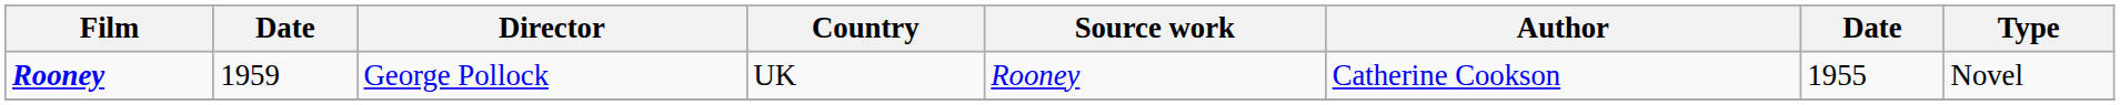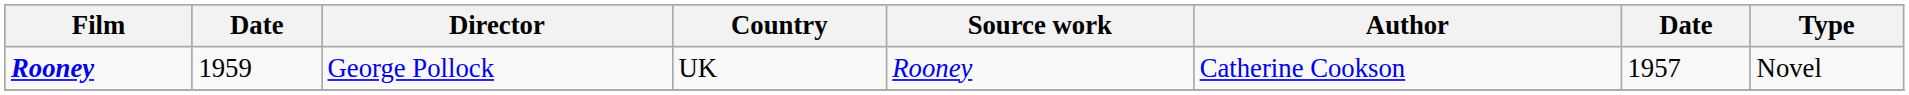 <table class="wikitable" style=width:90%>
 <tr style="background:#CCCCCC;">
 <th>Film</th>
 <th>Date</th>
 <th>Director</th>
 <th>Country</th>
 <th>Source work</th>
 <th>Author</th>
 <th>Date</th>
 <th>Type</th>
 </tr>
 <tr>
 <td><strong><em><a href='#'>Rooney</a></em></strong></td>
 <td>1959</td>
 <td><a href='#'>George Pollock</a></td>
 <td>UK</td>
 <td><em><a href='#'>Rooney</a></em></td>
 <td><a href='#'>Catherine Cookson</a></td>
-<td>1955</td>
+<td>1957</td>
 <td>Novel</td>
 </tr>
 <tr>
 </tr>
 </table>
